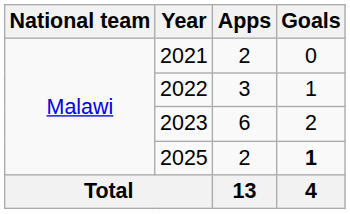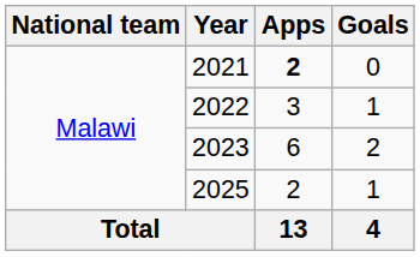 <table class="wikitable" style="text-align:center">
 <tr>
 <th>National team</th>
 <th>Year</th>
 <th>Apps</th>
 <th>Goals</th>
 </tr>
 <tr>
 <td rowspan=4><a href='#'>Malawi</a></td>
 <td>2021</td>
-<td>2</td>
+<td><strong>2</strong></td>
 <td>0</td>
 </tr>
 <tr>
 <td>2022</td>
 <td>3</td>
 <td>1</td>
 </tr>
 <tr>
 <td>2023</td>
 <td>6</td>
 <td>2</td>
 </tr>
 <tr>
 <td>2025</td>
 <td>2</td>
-<td><strong>1</strong></td>
+<td>1</td>
 </tr>
 <tr>
 <th colspan=2>Total</th>
 <th>13</th>
 <th>4</th>
 </tr>
 </table>
